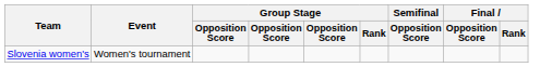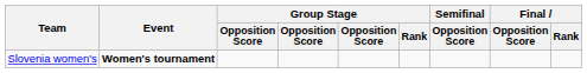 <table class="wikitable" style="font-size:90%;text-align:center">
 <tr>
 <th rowspan="2">Team</th>
 <th rowspan="2">Event</th>
 <th colspan="4">Group Stage</th>
 <th>Semifinal</th>
 <th colspan="2">Final / </th>
 </tr>
 <tr style="font-size:95%">
 <th>Opposition<br>Score</th>
 <th>Opposition<br>Score</th>
 <th>Opposition<br>Score</th>
 <th>Rank</th>
 <th>Opposition<br>Score</th>
 <th>Opposition<br>Score</th>
 <th>Rank</th>
 </tr>
 <tr>
 <td align=left><a href='#'>Slovenia women's</a></td>
-<td align=left>Women's tournament</td>
+<td align=left><strong>Women's tournament</strong></td>
 <td></td>
 <td></td>
 <td></td>
 <td></td>
 <td></td>
 <td></td>
 <td></td>
 </tr>
 </table>
